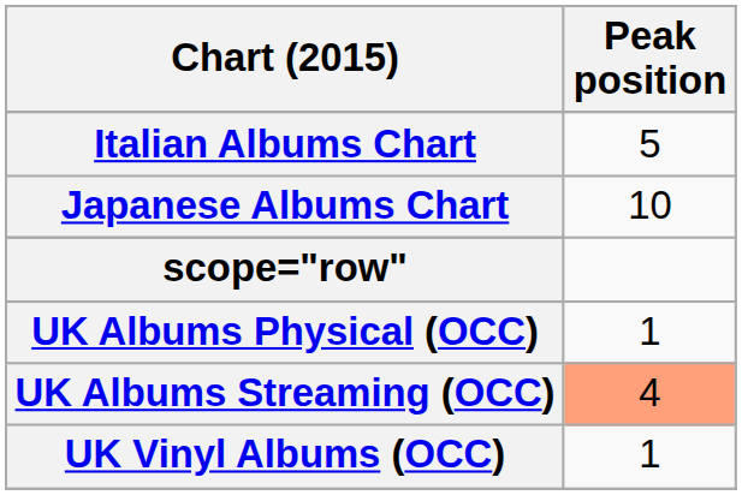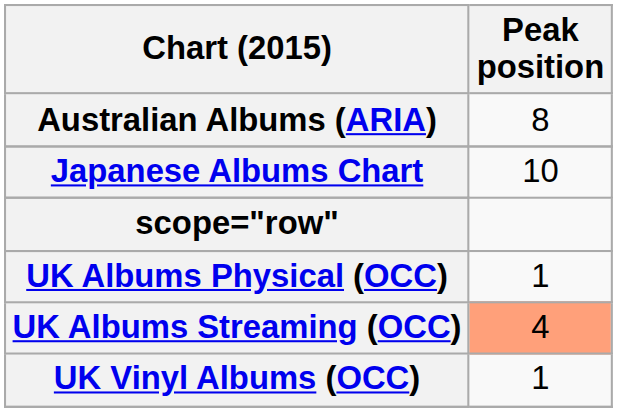 <table class="wikitable sortable plainrowheaders" style="text-align:center">
 <tr>
 <th>Chart (2015)</th>
 <th>Peak<br>position</th>
+</tr>
+<tr>
+<th scope="row">Australian Albums (<a href='#'>ARIA</a>)</th>
+<td>8</td>
 </tr>
 <tr>
 </tr>
 <tr>
 </tr>
 <tr>
 </tr>
 <tr>
 </tr>
 <tr>
 </tr>
 <tr>
 </tr>
 <tr>
 </tr>
 <tr>
 </tr>
 <tr>
 </tr>
 <tr>
 </tr>
 <tr>
-</tr>
-<tr>
-<th scope="row"><a href='#'>Italian Albums Chart</a></th>
-<td>5</td>
 </tr>
 <tr>
 <th scope="row"><a href='#'>Japanese Albums Chart</a></th>
 <td>10</td>
 </tr>
 <tr>
 </tr>
 <tr>
 </tr>
 <tr>
 </tr>
 <tr>
 <th>scope="row"</th>
 </tr>
 <tr>
 </tr>
 <tr>
 </tr>
 <tr>
 </tr>
 <tr>
 </tr>
 <tr>
 </tr>
 <tr>
 <th scope="row"><a href='#'>UK Albums Physical</a> (<a href='#'>OCC</a>)</th>
 <td>1</td>
 </tr>
 <tr>
 <th scope="row"><a href='#'>UK Albums Streaming</a> (<a href='#'>OCC</a>)</th>
 <td style="background: lightsalmon;">4</td>
 </tr>
 <tr>
 <th scope="row"><a href='#'>UK Vinyl Albums</a> (<a href='#'>OCC</a>)</th>
 <td>1</td>
 </tr>
 <tr>
 </tr>
 <tr>
 </tr>
 <tr>
 </tr>
 <tr>
 </tr>
 </table>
